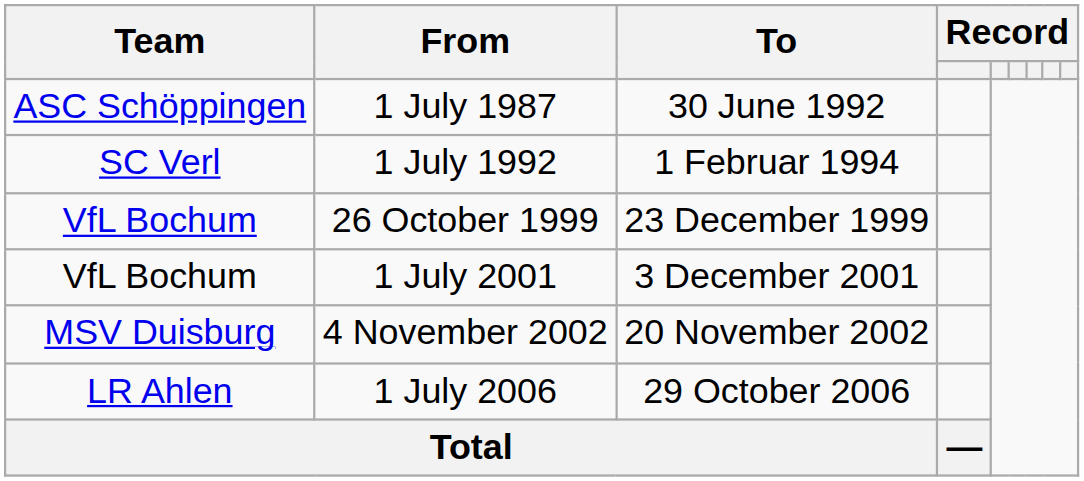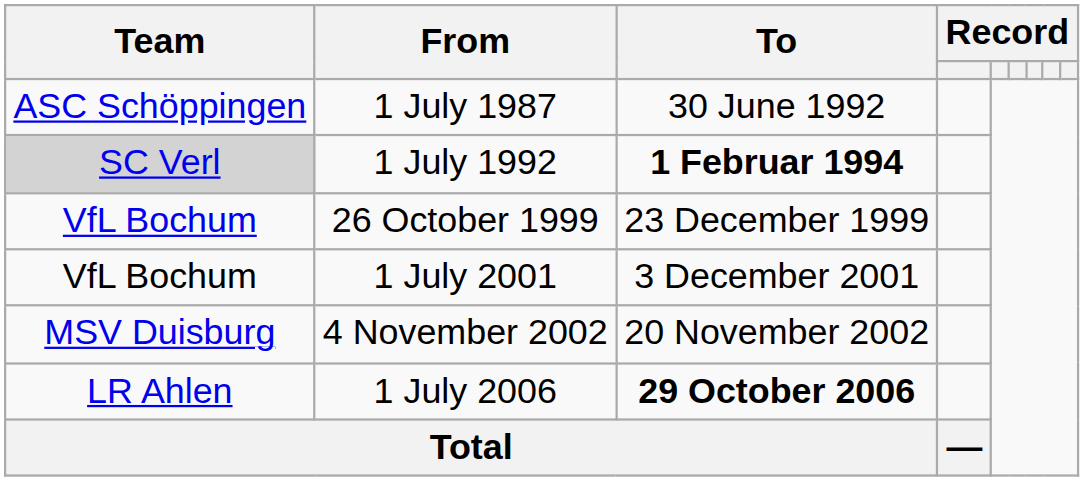 <table class="wikitable" style="text-align: center">
 <tr>
 <th rowspan="2">Team</th>
 <th rowspan="2">From</th>
 <th rowspan="2">To</th>
 <th colspan="6">Record</th>
 </tr>
 <tr>
 <th></th>
 <th></th>
 <th></th>
 <th></th>
 <th></th>
 <th></th>
 </tr>
 <tr>
 <td><a href='#'>ASC Schöppingen</a></td>
 <td>1 July 1987</td>
 <td>30 June 1992<br></td>
 <td></td>
 </tr>
 <tr>
-<td><a href='#'>SC Verl</a></td>
+<td style="background: lightgrey;"><a href='#'>SC Verl</a></td>
 <td>1 July 1992</td>
-<td>1 Februar 1994<br></td>
+<td><strong>1 Februar 1994<br></strong></td>
 <td></td>
 </tr>
 <tr>
 <td><a href='#'>VfL Bochum</a></td>
 <td>26 October 1999</td>
 <td>23 December 1999<br></td>
 <td></td>
 </tr>
 <tr>
 <td>VfL Bochum</td>
 <td>1 July 2001</td>
 <td>3 December 2001<br></td>
 <td></td>
 </tr>
 <tr>
 <td><a href='#'>MSV Duisburg</a></td>
 <td>4 November 2002</td>
 <td>20 November 2002<br></td>
 <td></td>
 </tr>
 <tr>
 <td><a href='#'>LR Ahlen</a></td>
 <td>1 July 2006</td>
-<td>29 October 2006<br></td>
+<td><strong>29 October 2006<br></strong></td>
 <td></td>
 </tr>
 <tr>
 <th colspan="3">Total<br></th>
 <th>—</th>
 </tr>
 </table>
